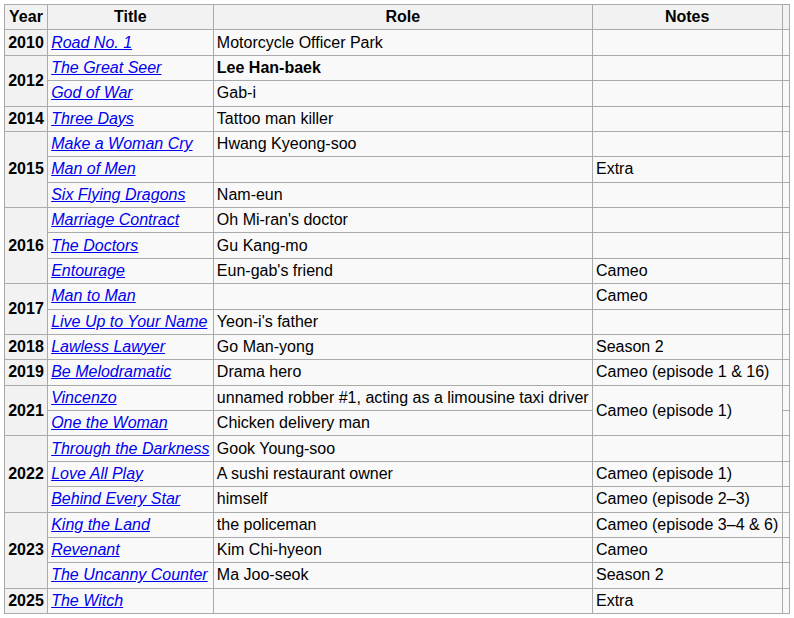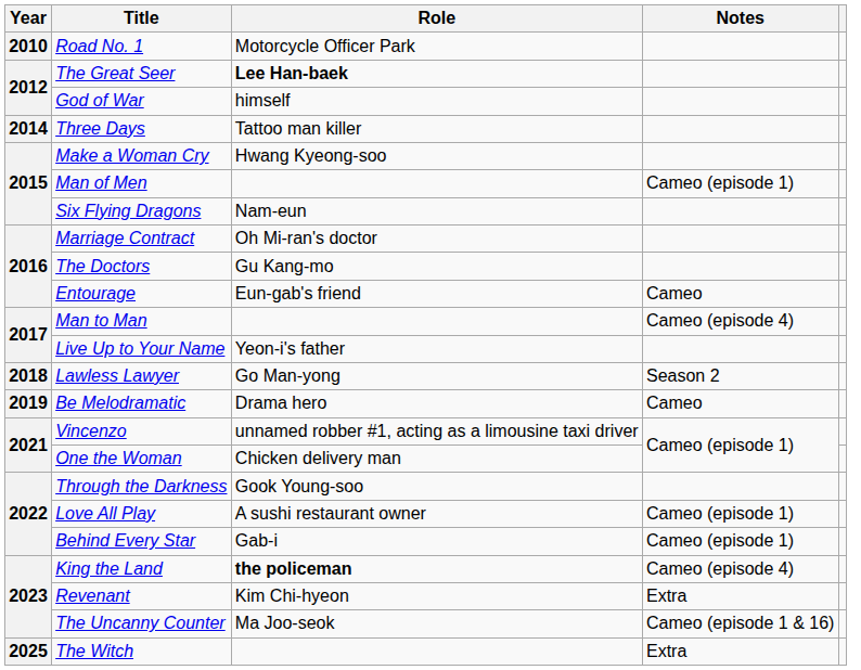 <table class="wikitable sortable plainrowheaders">
 <tr>
 <th scope="col">Year</th>
 <th scope="col">Title</th>
 <th scope="col">Role</th>
 <th scope="col" class="unsortable">Notes</th>
 <th scope="col" class="unsortable"></th>
 </tr>
 <tr>
 <th scope="row">2010</th>
 <td><em><a href='#'>Road No. 1</a></em></td>
 <td>Motorcycle Officer Park</td>
 <td></td>
 <td></td>
 </tr>
 <tr>
 <th scope="row" rowspan=2>2012</th>
 <td><em><a href='#'>The Great Seer</a></em></td>
 <td><strong>Lee Han-baek</strong></td>
 <td></td>
 <td></td>
 </tr>
 <tr>
 <td><em><a href='#'>God of War</a></em></td>
-<td>Gab-i</td>
+<td>himself</td>
 <td></td>
 <td></td>
 </tr>
 <tr>
 <th scope="row">2014</th>
 <td><em><a href='#'>Three Days</a></em></td>
 <td>Tattoo man killer</td>
 <td></td>
 <td></td>
 </tr>
 <tr>
 <th scope="row" rowspan=3>2015</th>
 <td><em><a href='#'>Make a Woman Cry</a></em></td>
 <td>Hwang Kyeong-soo</td>
 <td></td>
 <td></td>
 </tr>
 <tr>
 <td><em><a href='#'>Man of Men</a></em></td>
 <td></td>
-<td>Extra</td>
+<td>Cameo (episode 1)</td>
 <td></td>
 </tr>
 <tr>
 <td><em><a href='#'>Six Flying Dragons</a></em></td>
 <td>Nam-eun</td>
 <td></td>
 <td></td>
 </tr>
 <tr>
 <th scope="row" rowspan=3>2016</th>
 <td><em><a href='#'>Marriage Contract</a></em></td>
 <td>Oh Mi-ran's doctor</td>
 <td></td>
 <td></td>
 </tr>
 <tr>
 <td><em><a href='#'>The Doctors</a></em></td>
 <td>Gu Kang-mo</td>
 <td></td>
 <td></td>
 </tr>
 <tr>
 <td><em><a href='#'>Entourage</a></em></td>
 <td>Eun-gab's friend</td>
 <td>Cameo</td>
 <td></td>
 </tr>
 <tr>
 <th scope="row" rowspan=2>2017</th>
 <td><em><a href='#'>Man to Man</a></em></td>
 <td></td>
-<td>Cameo</td>
+<td>Cameo (episode 4)</td>
 <td></td>
 </tr>
 <tr>
 <td><em><a href='#'>Live Up to Your Name</a></em></td>
 <td>Yeon-i's father</td>
 <td></td>
 <td></td>
 </tr>
 <tr>
 <th scope="row">2018</th>
 <td><em><a href='#'>Lawless Lawyer</a></em></td>
 <td>Go Man-yong</td>
 <td>Season 2</td>
 <td></td>
 </tr>
 <tr>
 <th scope="row">2019</th>
 <td><em><a href='#'>Be Melodramatic</a></em></td>
 <td>Drama hero</td>
-<td>Cameo (episode 1 & 16)</td>
+<td>Cameo</td>
 <td style="text-align:center"></td>
 </tr>
 <tr>
 <th scope="row" rowspan=2>2021</th>
 <td><em><a href='#'>Vincenzo</a></em></td>
 <td>unnamed robber #1, acting as a limousine taxi driver</td>
 <td rowspan=2>Cameo (episode 1)</td>
 <td style="text-align:center"></td>
 </tr>
 <tr>
 <td><em><a href='#'>One the Woman</a></em></td>
 <td>Chicken delivery man</td>
 <td style="text-align:center"></td>
 </tr>
 <tr>
 <th scope="row" rowspan=3>2022</th>
 <td><em><a href='#'>Through the Darkness</a></em></td>
 <td>Gook Young-soo</td>
 <td></td>
 <td style="text-align:center"></td>
 </tr>
 <tr>
 <td><em><a href='#'>Love All Play</a></em></td>
 <td>A sushi restaurant owner</td>
 <td>Cameo (episode 1)</td>
 <td style="text-align:center"></td>
 </tr>
 <tr>
 <td><em><a href='#'>Behind Every Star</a></em></td>
-<td>himself</td>
-<td>Cameo (episode 2–3)</td>
+<td>Gab-i</td>
+<td>Cameo (episode 1)</td>
 <td style="text-align:center"></td>
 </tr>
 <tr>
 <th scope="row" rowspan="3">2023</th>
 <td><em><a href='#'>King the Land</a></em></td>
-<td>the policeman</td>
-<td>Cameo (episode 3–4 & 6)</td>
+<td><strong>the policeman</strong></td>
+<td>Cameo (episode 4)</td>
 <td style="text-align:center"></td>
 </tr>
 <tr>
 <td><em><a href='#'>Revenant</a></em></td>
 <td>Kim Chi-hyeon</td>
-<td>Cameo</td>
+<td>Extra</td>
 <td style="text-align:center"></td>
 </tr>
 <tr>
 <td><em><a href='#'>The Uncanny Counter</a></em></td>
 <td>Ma Joo-seok</td>
-<td>Season 2</td>
+<td>Cameo (episode 1 & 16)</td>
 <td style="text-align:center"></td>
 </tr>
 <tr>
 <th scope="row" rowspan="1”">2025</th>
 <td><em><a href='#'>The Witch</a></em></td>
 <td></td>
 <td>Extra</td>
 <td style="text-align:center"></td>
 </tr>
 </table>
